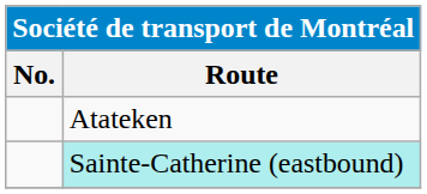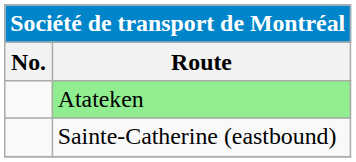 <table align=center class="wikitable">
 <tr>
 <th style="background: #0085CA; font-size:100%; color:#FFFFFF;"colspan="4">Société de transport de Montréal</th>
 </tr>
 <tr>
 <th>No.</th>
 <th>Route</th>
 </tr>
 <tr>
 <td></td>
-<td>Atateken</td>
+<td style="background: lightgreen;">Atateken</td>
 </tr>
 <tr>
 <td {{Avoid wrap> </td>
-<td style="background: paleturquoise;">Sainte-Catherine (eastbound)</td>
+<td>Sainte-Catherine (eastbound)</td>
 </tr>
 <tr>
 </tr>
 </table>
